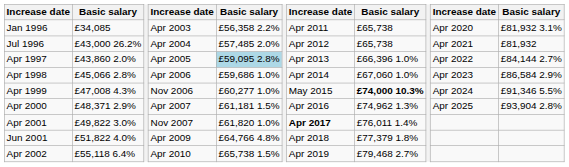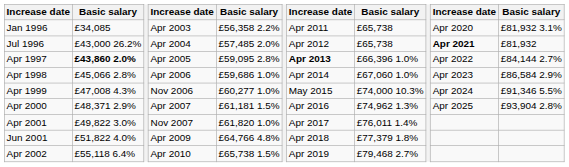 <table class="wikitable" style="border: none;">
 <tr>
 <th>Increase date</th>
 <th>Basic salary</th>
 <th rowspan="21" style="border: none;"></th>
 <th>Increase date</th>
 <th>Basic salary</th>
 <th rowspan="21" style="border: none;"></th>
 <th>Increase date</th>
 <th>Basic salary</th>
 <th rowspan="21" style="border: none;"></th>
 <th>Increase date</th>
 <th>Basic salary</th>
 </tr>
 <tr>
 <td>Jan 1996</td>
 <td>£34,085</td>
 <td>Apr 2003</td>
 <td>£56,358 2.2%</td>
 <td>Apr 2011</td>
 <td>£65,738 </td>
 <td>Apr 2020</td>
 <td>£81,932 3.1%</td>
 </tr>
 <tr>
 <td>Jul 1996</td>
 <td>£43,000 26.2%</td>
 <td>Apr 2004</td>
 <td>£57,485 2.0%</td>
 <td>Apr 2012</td>
 <td>£65,738 </td>
-<td>Apr 2021</td>
+<td><strong>Apr 2021</strong></td>
 <td>£81,932 </td>
 </tr>
 <tr>
 <td>Apr 1997</td>
-<td>£43,860  2.0%</td>
+<td><strong>£43,860  2.0%</strong></td>
 <td>Apr 2005</td>
-<td style="background: lightblue;">£59,095 2.8%</td>
-<td>Apr 2013</td>
+<td>£59,095 2.8%</td>
+<td><strong>Apr 2013</strong></td>
 <td>£66,396 1.0%</td>
 <td>Apr 2022</td>
 <td>£84,144 2.7%</td>
 </tr>
 <tr>
 <td>Apr 1998</td>
 <td>£45,066  2.8%</td>
 <td>Apr 2006</td>
 <td>£59,686 1.0%</td>
 <td>Apr 2014</td>
 <td>£67,060 1.0%</td>
 <td>Apr 2023</td>
 <td>£86,584 2.9%</td>
 </tr>
 <tr>
 <td>Apr 1999</td>
 <td>£47,008  4.3%</td>
 <td>Nov 2006</td>
 <td>£60,277 1.0%</td>
 <td>May 2015</td>
-<td><strong>£74,000 10.3%</strong></td>
+<td>£74,000 10.3%</td>
 <td>Apr 2024</td>
 <td>£91,346 5.5%</td>
 </tr>
 <tr>
 <td>Apr 2000</td>
 <td>£48,371  2.9%</td>
 <td>Apr 2007</td>
 <td>£61,181 1.5%</td>
 <td>Apr 2016</td>
 <td>£74,962 1.3%</td>
 <td>Apr 2025</td>
 <td>£93,904 2.8%</td>
 </tr>
 <tr>
 <td>Apr 2001</td>
 <td>£49,822  3.0%</td>
 <td>Nov 2007</td>
 <td>£61,820 1.0%</td>
-<td><strong>Apr 2017</strong></td>
+<td>Apr 2017</td>
 <td>£76,011 1.4%</td>
 <td></td>
 <td></td>
 </tr>
 <tr>
 <td>Jun 2001</td>
 <td>£51,822  4.0%</td>
 <td>Apr 2009</td>
 <td>£64,766 4.8%</td>
 <td>Apr 2018</td>
 <td>£77,379 1.8%</td>
 <td></td>
 <td></td>
 </tr>
 <tr>
 <td>Apr 2002</td>
 <td>£55,118  6.4%</td>
 <td>Apr 2010</td>
 <td>£65,738 1.5%</td>
 <td>Apr 2019</td>
 <td>£79,468 2.7%</td>
 <td></td>
 <td></td>
 </tr>
 </table>
